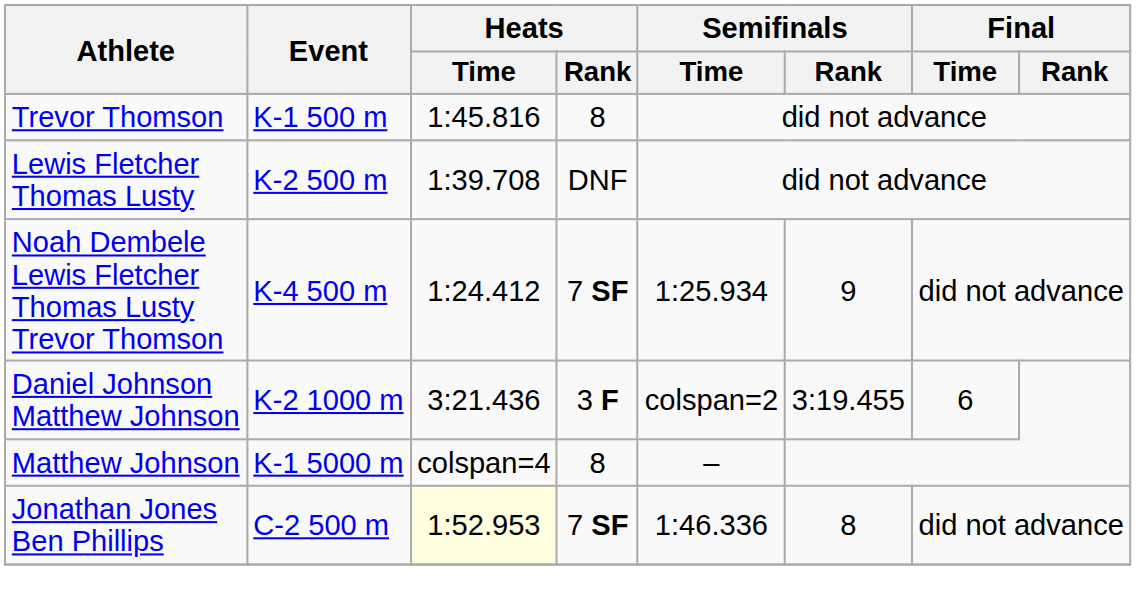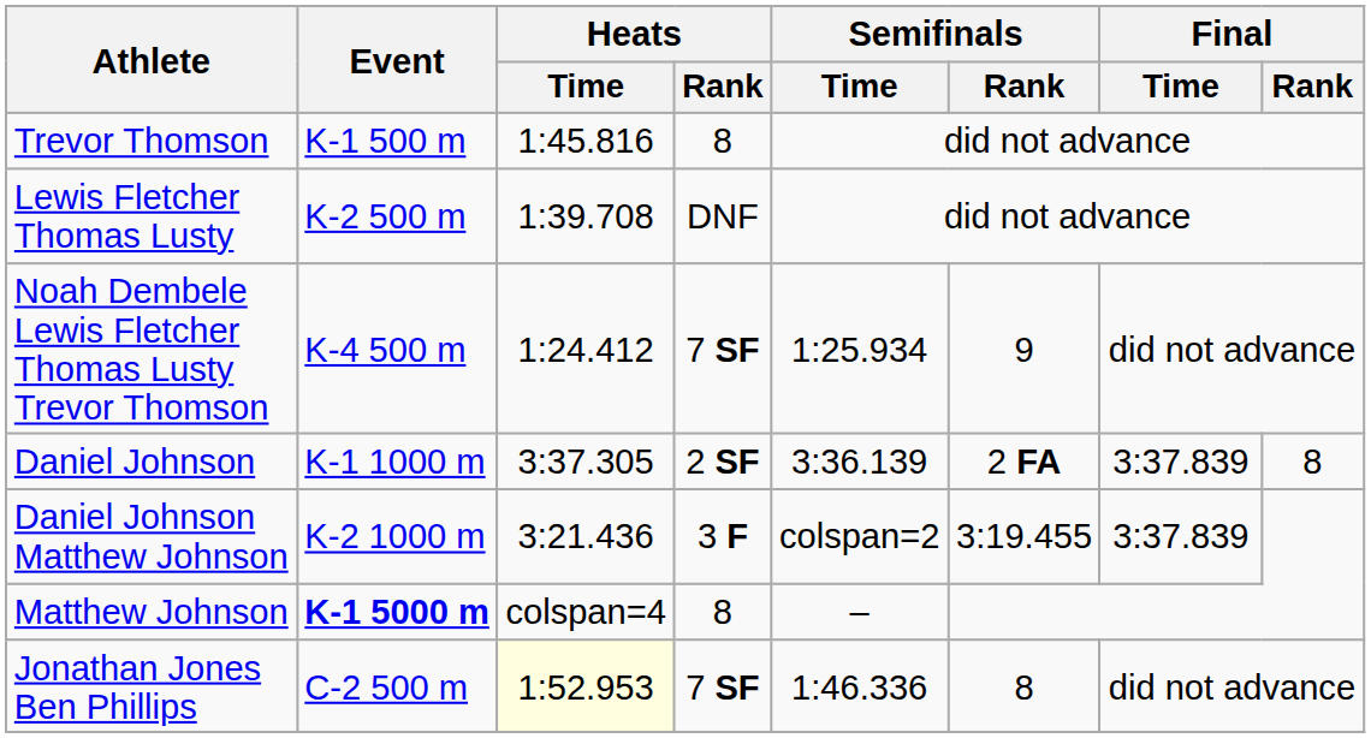 <table class=wikitable style="font-size:90%">
 <tr>
 <th rowspan="2">Athlete</th>
 <th rowspan="2">Event</th>
 <th colspan=2>Heats</th>
 <th colspan=2>Semifinals</th>
 <th colspan=2>Final</th>
 </tr>
 <tr style="font-size:95%">
 <th>Time</th>
 <th>Rank</th>
 <th>Time</th>
 <th>Rank</th>
 <th>Time</th>
 <th>Rank</th>
 </tr>
 <tr align=center>
 <td align=left><a href='#'>Trevor Thomson</a></td>
 <td align=left><a href='#'>K-1 500 m</a></td>
 <td>1:45.816</td>
 <td>8</td>
 <td colspan=4>did not advance</td>
 </tr>
 <tr align=center>
 <td align=left><a href='#'>Lewis Fletcher</a><br><a href='#'>Thomas Lusty</a></td>
 <td align=left><a href='#'>K-2 500 m</a></td>
 <td>1:39.708</td>
 <td>DNF</td>
 <td colspan=4>did not advance</td>
 </tr>
 <tr align=center>
 <td align=left><a href='#'>Noah Dembele</a><br><a href='#'>Lewis Fletcher</a><br><a href='#'>Thomas Lusty</a><br><a href='#'>Trevor Thomson</a></td>
 <td align=left><a href='#'>K-4 500 m</a></td>
 <td>1:24.412</td>
 <td>7 <strong>SF</strong></td>
 <td>1:25.934</td>
 <td>9</td>
 <td colspan=2>did not advance</td>
 </tr>
 <tr align=center>
+<td align=left><a href='#'>Daniel Johnson</a></td>
+<td align=left><a href='#'>K-1 1000 m</a></td>
+<td>3:37.305</td>
+<td>2 <strong>SF</strong></td>
+<td>3:36.139</td>
+<td>2 <strong>FA</strong></td>
+<td>3:37.839</td>
+<td>8</td>
+</tr>
+<tr align=center>
 <td align=left><a href='#'>Daniel Johnson</a><br><a href='#'>Matthew Johnson</a></td>
 <td align=left><a href='#'>K-2 1000 m</a></td>
 <td>3:21.436</td>
 <td>3 <strong>F</strong></td>
 <td>colspan=2 </td>
 <td>3:19.455</td>
-<td>6</td>
+<td>3:37.839</td>
 </tr>
 <tr align=center>
 <td align=left><a href='#'>Matthew Johnson</a></td>
-<td align=left><a href='#'>K-1 5000 m</a></td>
+<td align=left><strong><a href='#'>K-1 5000 m</a></strong></td>
 <td>colspan=4 </td>
 <td>8</td>
 <td>–</td>
 </tr>
 <tr align=center>
 <td align=left><a href='#'>Jonathan Jones</a><br><a href='#'>Ben Phillips</a></td>
 <td align=left><a href='#'>C-2 500 m</a></td>
 <td style="background: lightyellow;">1:52.953</td>
 <td>7 <strong>SF</strong></td>
 <td>1:46.336</td>
 <td>8</td>
 <td colspan=2>did not advance</td>
 </tr>
 <tr align=center>
 </tr>
 </table>
